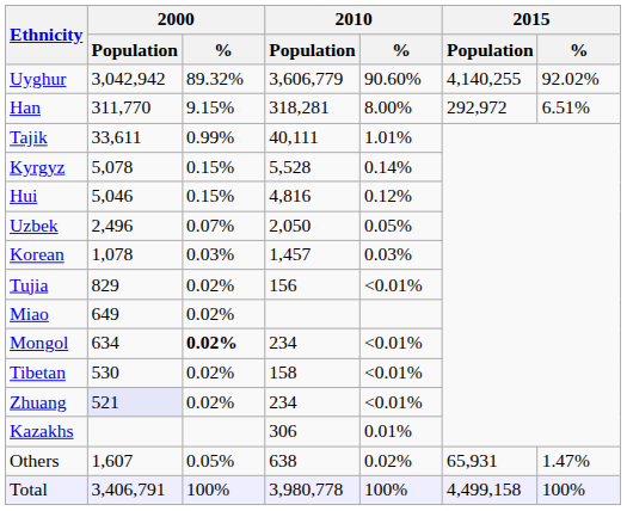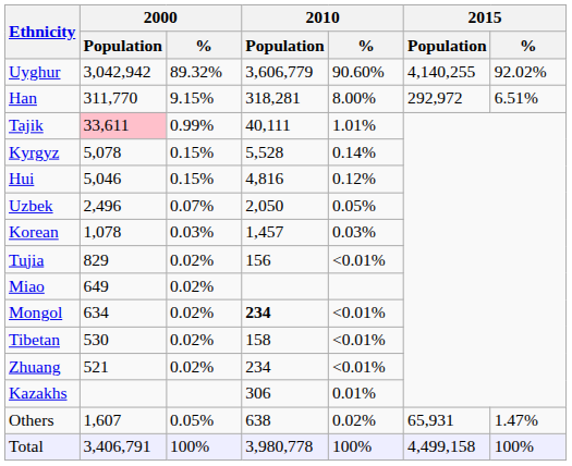 <table class="wikitable">
 <tr style="background:#eee;">
 <th rowspan="2"><a href='#'>Ethnicity</a></th>
 <th colspan="2">2000</th>
 <th colspan="2">2010</th>
 <th colspan="2">2015</th>
 </tr>
 <tr style="background:#eee;">
 <th>Population</th>
 <th style="width:4em;">%</th>
 <th>Population</th>
 <th style="width:4em;">%</th>
 <th>Population</th>
 <th style="width:4em;">%</th>
 </tr>
 <tr>
 <td><a href='#'>Uyghur</a></td>
 <td>3,042,942</td>
 <td>89.32%</td>
 <td>3,606,779</td>
 <td>90.60%</td>
 <td>4,140,255</td>
 <td>92.02%</td>
 </tr>
 <tr>
 <td><a href='#'>Han</a></td>
 <td>311,770</td>
 <td>9.15%</td>
 <td>318,281</td>
 <td>8.00%</td>
 <td>292,972</td>
 <td>6.51%</td>
 </tr>
 <tr>
 <td><a href='#'>Tajik</a></td>
-<td>33,611</td>
+<td style="background: pink;">33,611</td>
 <td>0.99%</td>
 <td>40,111</td>
 <td>1.01%</td>
 </tr>
 <tr>
 <td><a href='#'>Kyrgyz</a></td>
 <td>5,078</td>
 <td>0.15%</td>
 <td>5,528</td>
 <td>0.14%</td>
 </tr>
 <tr>
 <td><a href='#'>Hui</a></td>
 <td>5,046</td>
 <td>0.15%</td>
 <td>4,816</td>
 <td>0.12%</td>
 </tr>
 <tr>
 <td><a href='#'>Uzbek</a></td>
 <td>2,496</td>
 <td>0.07%</td>
 <td>2,050</td>
 <td>0.05%</td>
 </tr>
 <tr>
 <td><a href='#'>Korean</a></td>
 <td>1,078</td>
 <td>0.03%</td>
 <td>1,457</td>
 <td>0.03%</td>
 </tr>
 <tr>
 <td><a href='#'>Tujia</a></td>
 <td>829</td>
 <td>0.02%</td>
 <td>156</td>
 <td><0.01%</td>
 </tr>
 <tr>
 <td><a href='#'>Miao</a></td>
 <td>649</td>
 <td>0.02%</td>
 <td></td>
 <td></td>
 </tr>
 <tr>
 <td><a href='#'>Mongol</a></td>
 <td>634</td>
-<td><strong>0.02%</strong></td>
-<td>234</td>
+<td>0.02%</td>
+<td><strong>234</strong></td>
 <td><0.01%</td>
 </tr>
 <tr>
 <td><a href='#'>Tibetan</a></td>
 <td>530</td>
 <td>0.02%</td>
 <td>158</td>
 <td><0.01%</td>
 </tr>
 <tr>
 <td><a href='#'>Zhuang</a></td>
-<td style="background: lavender;">521</td>
+<td>521</td>
 <td>0.02%</td>
 <td>234</td>
 <td><0.01%</td>
 </tr>
 <tr>
 <td><a href='#'>Kazakhs</a></td>
 <td></td>
 <td></td>
 <td>306</td>
 <td>0.01%</td>
 </tr>
 <tr>
 <td>Others</td>
 <td>1,607</td>
 <td>0.05%</td>
 <td>638</td>
 <td>0.02%</td>
 <td>65,931</td>
 <td>1.47%</td>
 </tr>
 <tr style="background:#EEF">
 <td>Total</td>
 <td>3,406,791</td>
 <td>100%</td>
 <td>3,980,778</td>
 <td>100%</td>
 <td>4,499,158</td>
 <td>100%</td>
 </tr>
 </table>
